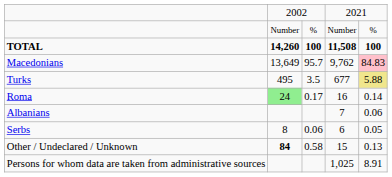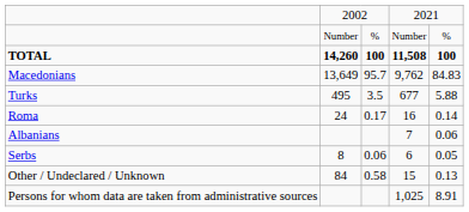 <table class="wikitable">
 <tr>
 <td></td>
 <td colspan="2" align="center">2002</td>
 <td colspan="2" align="center">2021</td>
 </tr>
 <tr>
 <td></td>
 <td align="center"><small>Number</small></td>
 <td align="center"><small>%</small></td>
 <td align="center"><small>Number</small></td>
 <td align="center"><small>%</small></td>
 </tr>
 <tr>
 <td><strong>TOTAL</strong></td>
 <td align="center"><strong>14,260</strong></td>
 <td align="center"><strong>100</strong></td>
 <td align="center"><strong>11,508</strong></td>
 <td align="center"><strong>100</strong></td>
 </tr>
 <tr>
 <td><a href='#'>Macedonians</a></td>
 <td align="center">13,649</td>
 <td align="center">95.7</td>
 <td align="center">9,762</td>
-<td align="center" style="background: pink;">84.83</td>
+<td align="center">84.83</td>
 </tr>
 <tr>
 <td><a href='#'>Turks</a></td>
 <td align="center">495</td>
 <td align="center">3.5</td>
 <td align="center">677</td>
-<td align="center" style="background: khaki;">5.88</td>
+<td align="center">5.88</td>
 </tr>
 <tr>
 <td><a href='#'>Roma</a></td>
-<td align="center" style="background: lightgreen;">24</td>
+<td align="center">24</td>
 <td align="center">0.17</td>
 <td align="center">16</td>
 <td align="center">0.14</td>
 </tr>
 <tr>
 <td><a href='#'>Albanians</a></td>
 <td></td>
 <td></td>
 <td align="center">7</td>
 <td align="center">0.06</td>
 </tr>
 <tr>
 <td><a href='#'>Serbs</a></td>
 <td align="center">8</td>
 <td align="center">0.06</td>
 <td align="center">6</td>
 <td align="center">0.05</td>
 </tr>
 <tr>
 <td>Other / Undeclared / Unknown</td>
-<td align="center"><strong>84</strong></td>
+<td align="center">84</td>
 <td align="center">0.58</td>
 <td align="center">15</td>
 <td align="center">0.13</td>
 </tr>
 <tr>
 <td>Persons for whom data are taken from administrative sources</td>
 <td></td>
 <td></td>
 <td align="center">1,025</td>
 <td align="center">8.91</td>
 </tr>
 </table>
